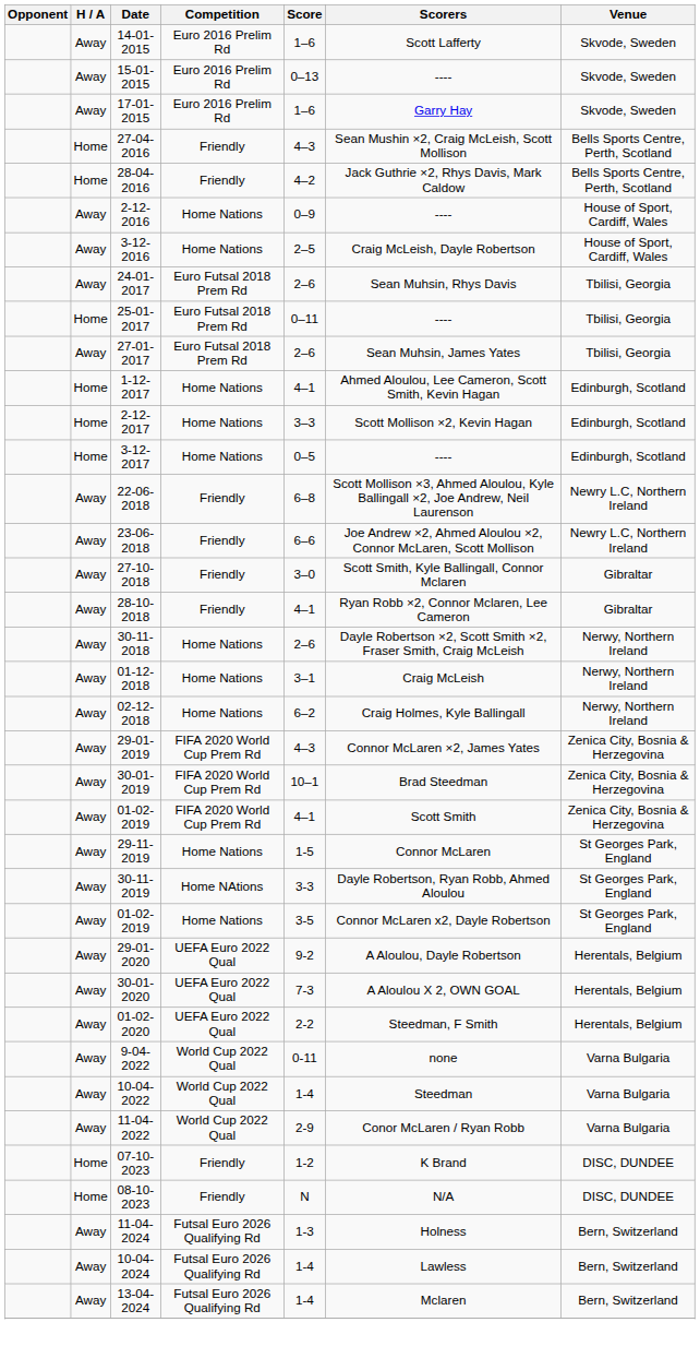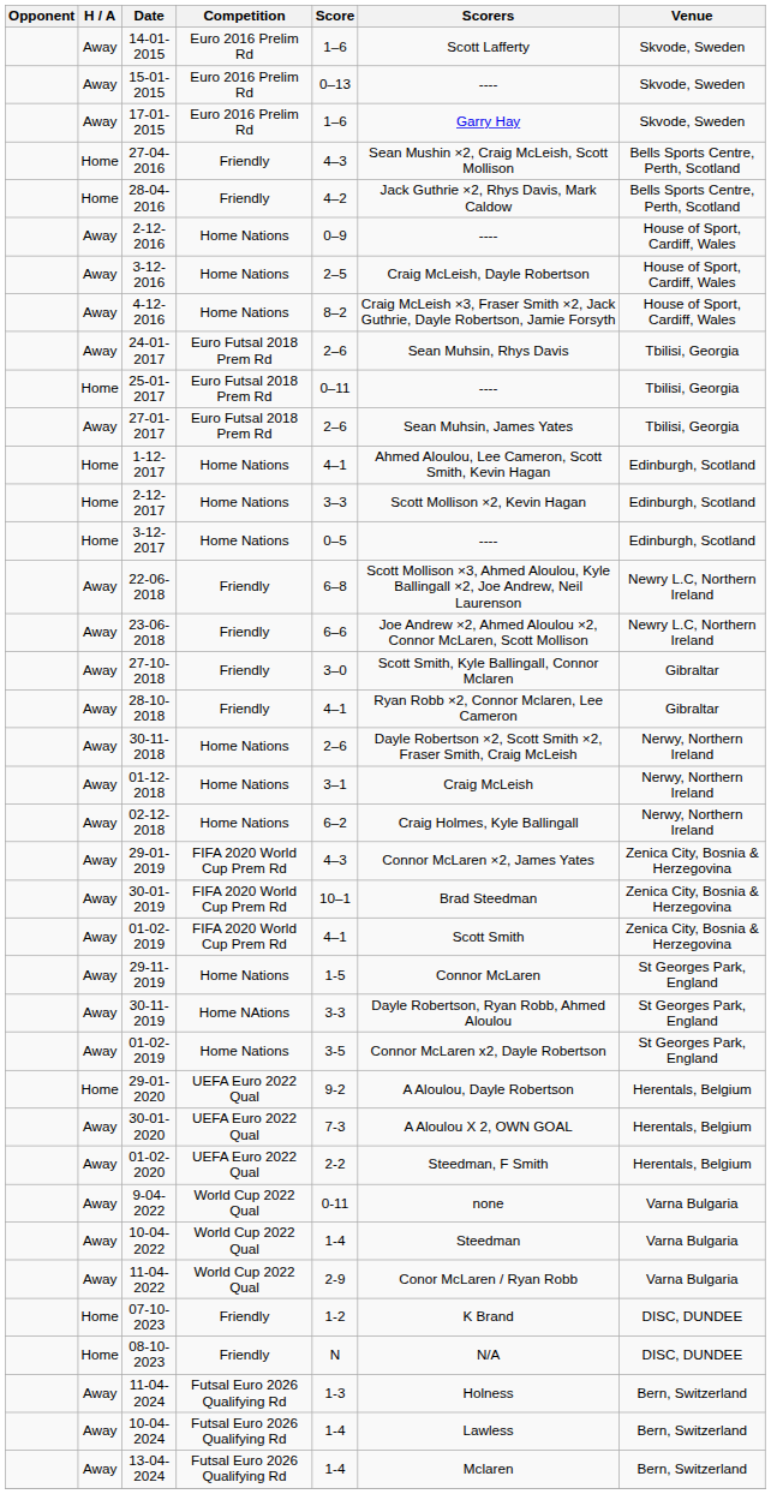 <table class="wikitable sortable" style="text-align:center">
 <tr>
 <th>Opponent</th>
 <th>H / A</th>
 <th>Date</th>
 <th>Competition</th>
 <th>Score</th>
 <th>Scorers</th>
 <th>Venue</th>
 </tr>
 <tr>
 <td style="text-align:left;"><br></td>
 <td>Away</td>
 <td>14-01-2015</td>
 <td>Euro 2016 Prelim Rd</td>
 <td>1–6</td>
 <td>Scott Lafferty</td>
 <td>Skvode, Sweden</td>
 </tr>
 <tr>
 <td style="text-align:left;"><br></td>
 <td>Away</td>
 <td>15-01-2015</td>
 <td>Euro 2016 Prelim Rd</td>
 <td>0–13</td>
 <td>----</td>
 <td>Skvode, Sweden</td>
 </tr>
 <tr>
 <td style="text-align:left;"><br></td>
 <td>Away</td>
 <td>17-01-2015</td>
 <td>Euro 2016 Prelim Rd</td>
 <td>1–6</td>
 <td><a href='#'>Garry Hay</a></td>
 <td>Skvode, Sweden</td>
 </tr>
 <tr>
 <td style="text-align:left;"></td>
 <td>Home</td>
 <td>27-04-2016</td>
 <td>Friendly</td>
 <td>4–3</td>
 <td>Sean Mushin ×2, Craig McLeish, Scott Mollison</td>
 <td>Bells Sports Centre, Perth, Scotland</td>
 </tr>
 <tr>
 <td style="text-align:left;"></td>
 <td>Home</td>
 <td>28-04-2016</td>
 <td>Friendly</td>
 <td>4–2</td>
 <td>Jack Guthrie ×2, Rhys Davis, Mark Caldow</td>
 <td>Bells Sports Centre, Perth, Scotland</td>
 </tr>
 <tr>
 <td style="text-align:left;"></td>
 <td>Away</td>
 <td>2-12-2016</td>
 <td>Home Nations</td>
 <td>0–9</td>
 <td>----</td>
 <td>House of Sport, Cardiff, Wales</td>
 </tr>
 <tr>
 <td style="text-align:left;"></td>
 <td>Away</td>
 <td>3-12-2016</td>
 <td>Home Nations</td>
 <td>2–5</td>
 <td>Craig McLeish, Dayle Robertson</td>
+<td>House of Sport, Cardiff, Wales</td>
+</tr>
+<tr>
+<td style="text-align:left;"></td>
+<td>Away</td>
+<td>4-12-2016</td>
+<td>Home Nations</td>
+<td>8–2</td>
+<td>Craig McLeish ×3, Fraser Smith ×2, Jack Guthrie, Dayle Robertson, Jamie Forsyth</td>
 <td>House of Sport, Cardiff, Wales</td>
 </tr>
 <tr>
 <td style="text-align:left;"></td>
 <td>Away</td>
 <td>24-01-2017</td>
 <td>Euro Futsal 2018 Prem Rd</td>
 <td>2–6</td>
 <td>Sean Muhsin, Rhys Davis</td>
 <td>Tbilisi, Georgia</td>
 </tr>
 <tr>
 <td style="text-align:left;"></td>
 <td>Home</td>
 <td>25-01-2017</td>
 <td>Euro Futsal 2018 Prem Rd</td>
 <td>0–11</td>
 <td>----</td>
 <td>Tbilisi, Georgia</td>
 </tr>
 <tr>
 <td style="text-align:left;"></td>
 <td>Away</td>
 <td>27-01-2017</td>
 <td>Euro Futsal 2018 Prem Rd</td>
 <td>2–6</td>
 <td>Sean Muhsin, James Yates</td>
 <td>Tbilisi, Georgia</td>
 </tr>
 <tr>
 <td style="text-align:left;"></td>
 <td>Home</td>
 <td>1-12-2017</td>
 <td>Home Nations</td>
 <td>4–1</td>
 <td>Ahmed Aloulou, Lee Cameron, Scott Smith, Kevin Hagan</td>
 <td>Edinburgh, Scotland</td>
 </tr>
 <tr>
 <td style="text-align:left;"></td>
 <td>Home</td>
 <td>2-12-2017</td>
 <td>Home Nations</td>
 <td>3–3</td>
 <td>Scott Mollison ×2, Kevin Hagan</td>
 <td>Edinburgh, Scotland</td>
 </tr>
 <tr>
 <td style="text-align:left;"></td>
 <td>Home</td>
 <td>3-12-2017</td>
 <td>Home Nations</td>
 <td>0–5</td>
 <td>----</td>
 <td>Edinburgh, Scotland</td>
 </tr>
 <tr>
 <td style="text-align:left;"></td>
 <td>Away</td>
 <td>22-06-2018</td>
 <td>Friendly</td>
 <td>6–8</td>
 <td>Scott Mollison ×3, Ahmed Aloulou, Kyle Ballingall ×2, Joe Andrew, Neil Laurenson</td>
 <td>Newry L.C, Northern Ireland</td>
 </tr>
 <tr>
 <td style="text-align:left;"></td>
 <td>Away</td>
 <td>23-06-2018</td>
 <td>Friendly</td>
 <td>6–6</td>
 <td>Joe Andrew ×2, Ahmed Aloulou ×2, Connor McLaren, Scott Mollison</td>
 <td>Newry L.C, Northern Ireland</td>
 </tr>
 <tr>
 <td style="text-align:left;"></td>
 <td>Away</td>
 <td>27-10-2018</td>
 <td>Friendly</td>
 <td>3–0</td>
 <td>Scott Smith, Kyle Ballingall, Connor Mclaren</td>
 <td>Gibraltar</td>
 </tr>
 <tr>
 <td style="text-align:left;"></td>
 <td>Away</td>
 <td>28-10-2018</td>
 <td>Friendly</td>
 <td>4–1</td>
 <td>Ryan Robb ×2, Connor Mclaren, Lee Cameron</td>
 <td>Gibraltar</td>
 </tr>
 <tr>
 <td style="text-align:left;"></td>
 <td>Away</td>
 <td>30-11-2018</td>
 <td>Home Nations</td>
 <td>2–6</td>
 <td>Dayle Robertson ×2, Scott Smith ×2, Fraser Smith, Craig McLeish</td>
 <td>Nerwy, Northern Ireland</td>
 </tr>
 <tr>
 <td style="text-align:left;"></td>
 <td>Away</td>
 <td>01-12-2018</td>
 <td>Home Nations</td>
 <td>3–1</td>
 <td>Craig McLeish</td>
 <td>Nerwy, Northern Ireland</td>
 </tr>
 <tr>
 <td style="text-align:left;"></td>
 <td>Away</td>
 <td>02-12-2018</td>
 <td>Home Nations</td>
 <td>6–2</td>
 <td>Craig Holmes, Kyle Ballingall</td>
 <td>Nerwy, Northern Ireland</td>
 </tr>
 <tr>
 <td style="text-align:left;"></td>
 <td>Away</td>
 <td>29-01-2019</td>
 <td>FIFA 2020 World Cup Prem Rd</td>
 <td>4–3</td>
 <td>Connor McLaren ×2, James Yates</td>
 <td>Zenica City, Bosnia & Herzegovina</td>
 </tr>
 <tr>
 <td style="text-align:left;"></td>
 <td>Away</td>
 <td>30-01-2019</td>
 <td>FIFA 2020 World Cup Prem Rd</td>
 <td>10–1</td>
 <td>Brad Steedman</td>
 <td>Zenica City, Bosnia & Herzegovina</td>
 </tr>
 <tr>
 <td style="text-align:left;"></td>
 <td>Away</td>
 <td>01-02-2019</td>
 <td>FIFA 2020 World Cup Prem Rd</td>
 <td>4–1</td>
 <td>Scott Smith</td>
 <td>Zenica City, Bosnia & Herzegovina</td>
 </tr>
 <tr>
 <td style="text-align:left;"></td>
 <td>Away</td>
 <td>29-11-2019</td>
 <td>Home Nations</td>
 <td>1-5</td>
 <td>Connor McLaren</td>
 <td>St Georges Park, England</td>
 </tr>
 <tr>
 <td style="text-align:left;"></td>
 <td>Away</td>
 <td>30-11-2019</td>
 <td>Home NAtions</td>
 <td>3-3</td>
 <td>Dayle Robertson, Ryan Robb, Ahmed Aloulou</td>
 <td>St Georges Park, England</td>
 </tr>
 <tr>
 <td style="text-align:left;"></td>
 <td>Away</td>
 <td>01-02-2019</td>
 <td>Home Nations</td>
 <td>3-5</td>
 <td>Connor McLaren x2, Dayle Robertson</td>
 <td>St Georges Park, England</td>
 </tr>
 <tr>
 <td style="text-align:left;"></td>
-<td>Away</td>
+<td>Home</td>
 <td>29-01-2020</td>
 <td>UEFA Euro 2022 Qual</td>
 <td>9-2</td>
 <td>A Aloulou, Dayle Robertson</td>
 <td>Herentals, Belgium</td>
 </tr>
 <tr>
 <td style="text-align:left;"></td>
 <td>Away</td>
 <td>30-01-2020</td>
 <td>UEFA Euro 2022 Qual</td>
 <td>7-3</td>
 <td>A Aloulou X 2, OWN GOAL</td>
 <td>Herentals, Belgium</td>
 </tr>
 <tr>
 <td style="text-align:left;"></td>
 <td>Away</td>
 <td>01-02-2020</td>
 <td>UEFA Euro 2022 Qual</td>
 <td>2-2</td>
 <td>Steedman, F Smith</td>
 <td>Herentals, Belgium</td>
 </tr>
 <tr>
 <td style="text-align:left;"></td>
 <td>Away</td>
 <td>9-04-2022</td>
 <td>World Cup 2022 Qual</td>
 <td>0-11</td>
 <td>none</td>
 <td>Varna Bulgaria</td>
 </tr>
 <tr>
 <td style="text-align:left;"></td>
 <td>Away</td>
 <td>10-04-2022</td>
 <td>World Cup 2022 Qual</td>
 <td>1-4</td>
 <td>Steedman</td>
 <td>Varna Bulgaria</td>
 </tr>
 <tr>
 <td style="text-align:left;"></td>
 <td>Away</td>
 <td>11-04-2022</td>
 <td>World Cup 2022 Qual</td>
 <td>2-9</td>
 <td>Conor McLaren / Ryan Robb</td>
 <td>Varna Bulgaria</td>
 </tr>
 <tr>
 <td style="text-align:left;"></td>
 <td>Home</td>
 <td>07-10-2023</td>
 <td>Friendly</td>
 <td>1-2</td>
 <td>K Brand</td>
 <td>DISC, DUNDEE</td>
 </tr>
 <tr>
 <td style="text-align:left;"></td>
 <td>Home</td>
 <td>08-10-2023</td>
 <td>Friendly</td>
 <td>N</td>
 <td>N/A</td>
 <td>DISC, DUNDEE</td>
 </tr>
 <tr>
 <td style="text-align:left;"></td>
 <td>Away</td>
 <td>11-04-2024</td>
 <td>Futsal Euro 2026 Qualifying Rd</td>
 <td>1-3</td>
 <td>Holness</td>
 <td>Bern, Switzerland</td>
 </tr>
 <tr>
 <td style="text-align:left;"></td>
 <td>Away</td>
 <td>10-04-2024</td>
 <td>Futsal Euro 2026 Qualifying Rd</td>
 <td>1-4</td>
 <td>Lawless</td>
 <td>Bern, Switzerland</td>
 </tr>
 <tr>
 <td style="text-align:left;"></td>
 <td>Away</td>
 <td>13-04-2024</td>
 <td>Futsal Euro 2026 Qualifying Rd</td>
 <td>1-4</td>
 <td>Mclaren</td>
 <td>Bern, Switzerland</td>
 </tr>
 <tr>
 </tr>
 <tr class="sortbot">
 </tr>
 </table>
